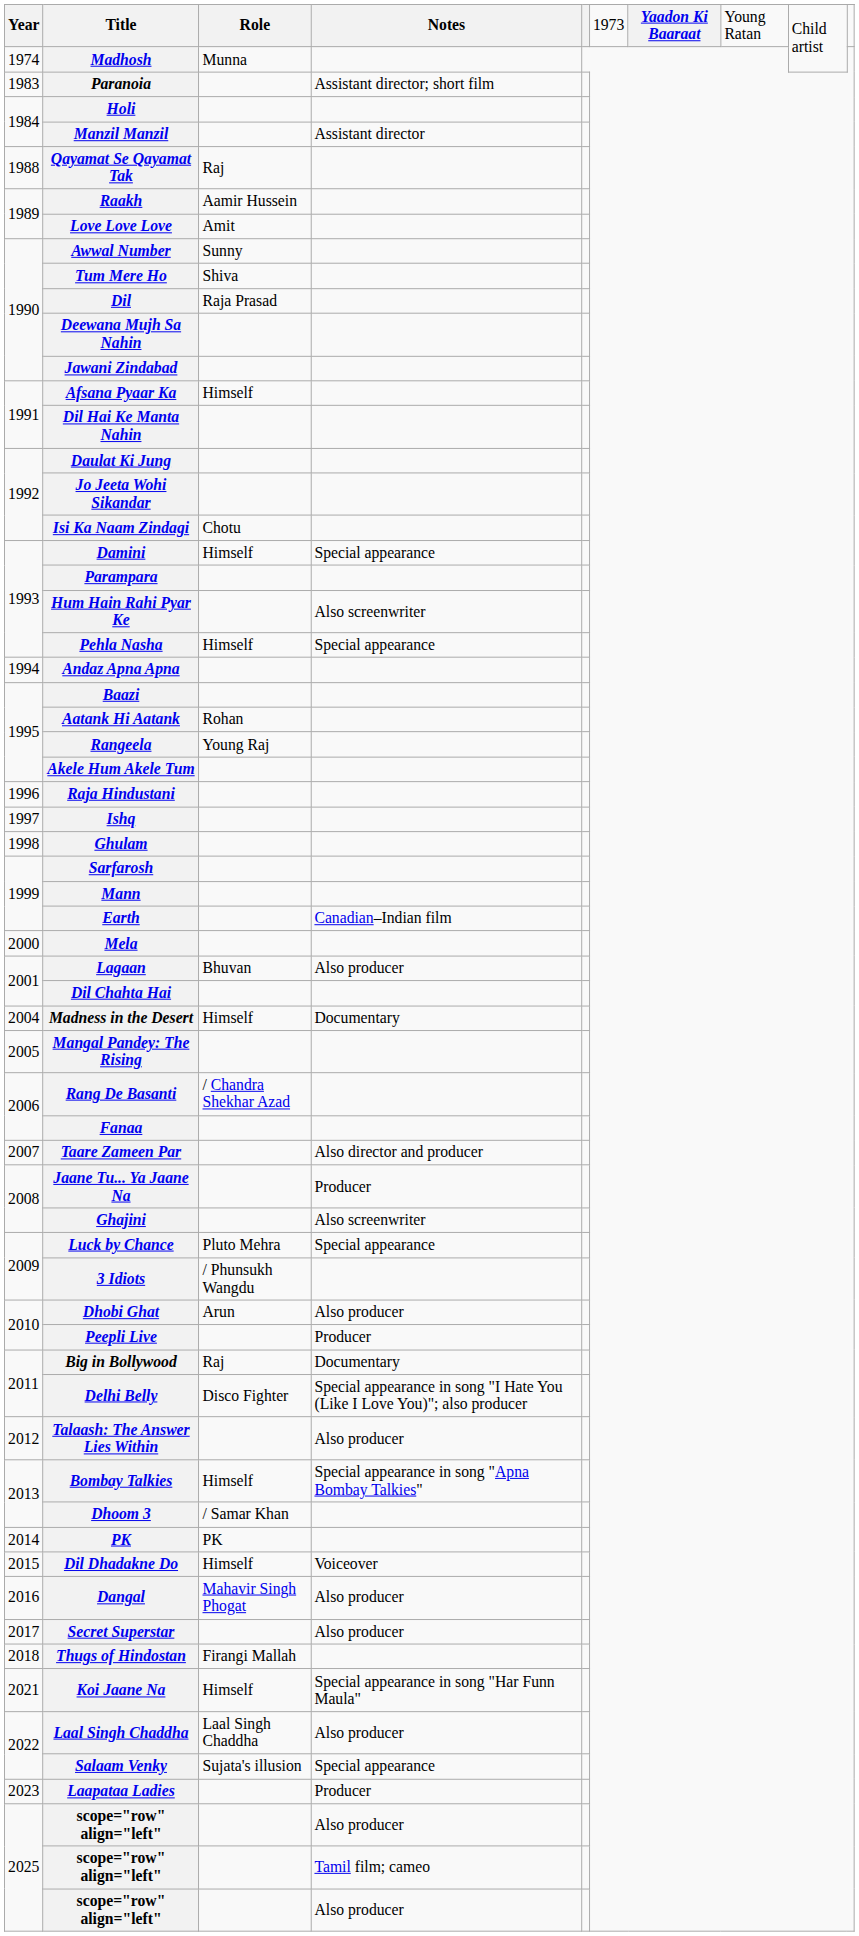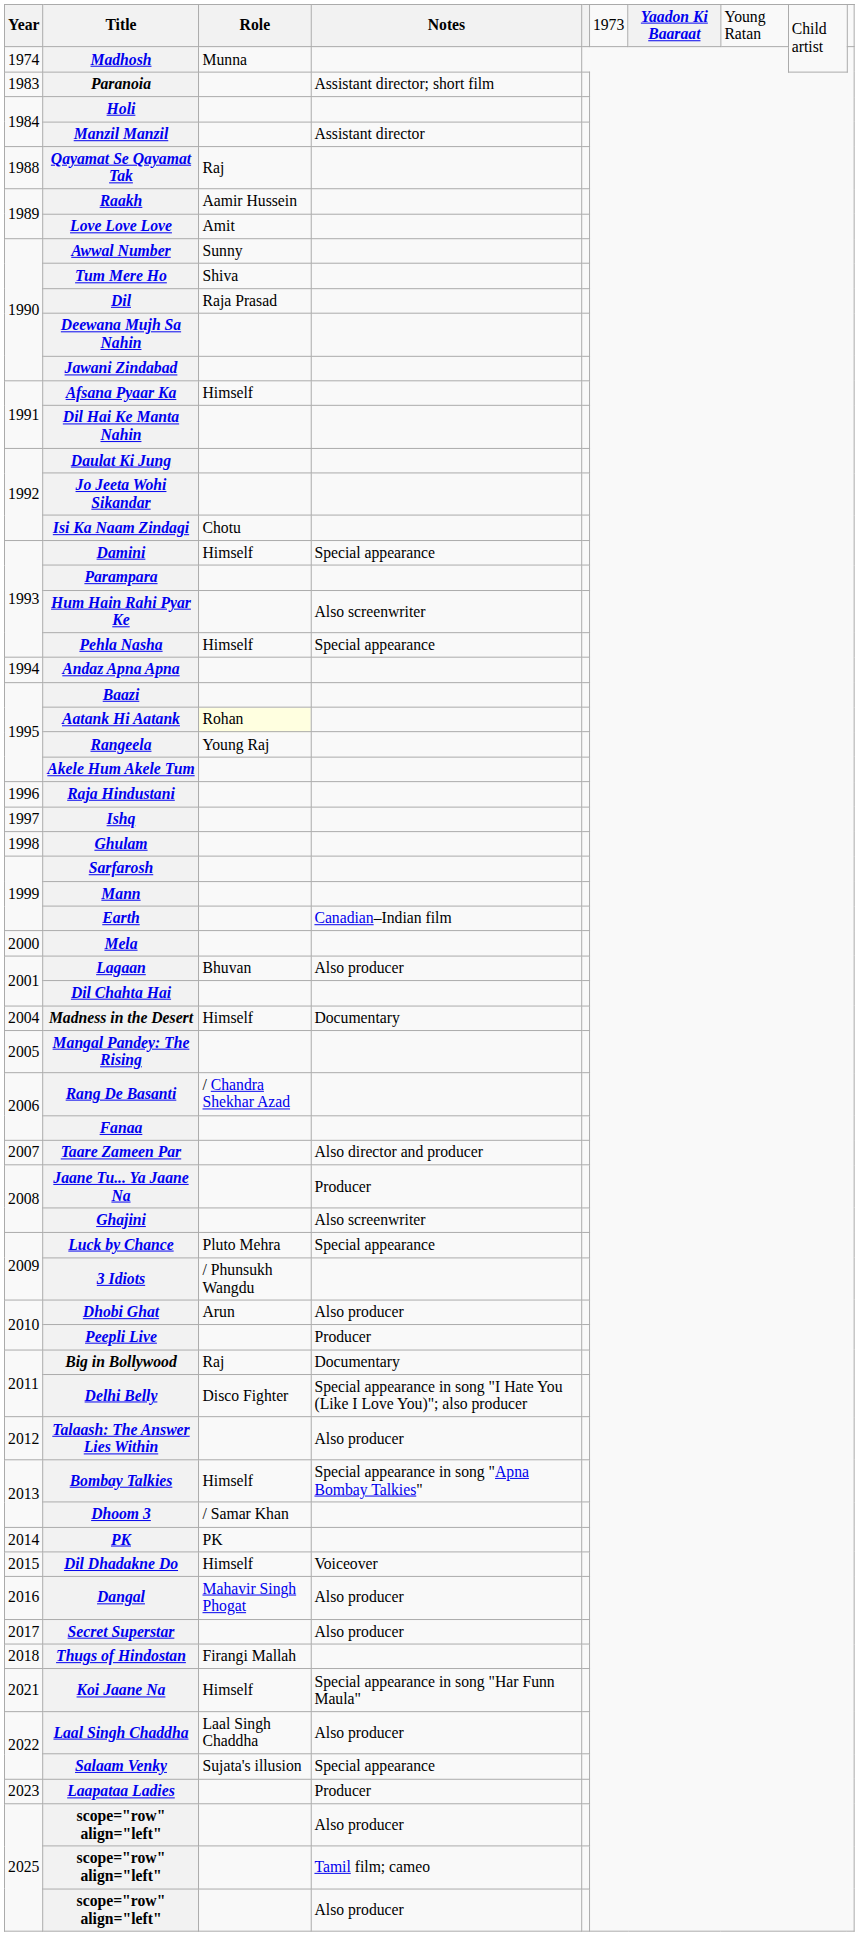 <table class="wikitable sortable plainrowheaders">
 <tr>
 <th rowspan="2" scope="col">Year</th>
 <th rowspan="2" scope="col">Title</th>
 <th rowspan="2" scope="col">Role</th>
 <th rowspan="2" scope="col" class="unsortable">Notes</th>
 <th rowspan="2" scope="col" class="unsortable"></th>
 </tr>
 <tr>
 <td>1973</td>
 <th scope="row" align="left"><em><a href='#'>Yaadon Ki Baaraat</a></em></th>
 <td>Young Ratan</td>
 <td rowspan="2">Child artist</td>
 <td></td>
 </tr>
 <tr>
 <td>1974</td>
 <th scope="row" align="left"><em><a href='#'>Madhosh</a></em></th>
 <td>Munna</td>
 <td style="text-align: center;"></td>
 </tr>
 <tr>
 <td>1983</td>
 <th scope="row" align="left"><em>Paranoia</em></th>
 <td></td>
 <td>Assistant director; short film</td>
 <td style="text-align: center;"></td>
 </tr>
 <tr>
 <td rowspan="2">1984</td>
 <th scope="row" align="left"><em><a href='#'>Holi</a></em></th>
 <td></td>
 <td></td>
 <td style="text-align: center;"></td>
 </tr>
 <tr>
 <th scope="row" align="left"><em><a href='#'>Manzil Manzil</a></em></th>
 <td></td>
 <td>Assistant director</td>
 <td style="text-align: center;"></td>
 </tr>
 <tr>
 <td>1988</td>
 <th scope="row" align="left"><em><a href='#'>Qayamat Se Qayamat Tak</a></em></th>
 <td>Raj</td>
 <td></td>
 <td style="text-align: center;"></td>
 </tr>
 <tr>
 <td rowspan="2">1989</td>
 <th scope="row" align="left"><em><a href='#'>Raakh</a></em></th>
 <td>Aamir Hussein</td>
 <td></td>
 <td style="text-align: center;"></td>
 </tr>
 <tr>
 <th scope="row" align="left"><em><a href='#'>Love Love Love</a></em></th>
 <td>Amit</td>
 <td></td>
 <td style="text-align: center;"></td>
 </tr>
 <tr>
 <td rowspan="5">1990</td>
 <th scope="row" align="left"><em><a href='#'>Awwal Number</a></em></th>
 <td>Sunny</td>
 <td></td>
 <td style="text-align: center;"></td>
 </tr>
 <tr>
 <th scope="row" align="left"><em><a href='#'>Tum Mere Ho</a></em></th>
 <td>Shiva</td>
 <td></td>
 <td style="text-align: center;"></td>
 </tr>
 <tr>
 <th scope="row" align="left"><em><a href='#'>Dil</a></em></th>
 <td>Raja Prasad</td>
 <td></td>
 <td style="text-align: center;"></td>
 </tr>
 <tr>
 <th scope="row" align="left"><em><a href='#'>Deewana Mujh Sa Nahin</a></em></th>
 <td></td>
 <td></td>
 <td style="text-align: center;"></td>
 </tr>
 <tr>
 <th scope="row" align="left"><em><a href='#'>Jawani Zindabad</a></em></th>
 <td></td>
 <td></td>
 <td style="text-align: center;"></td>
 </tr>
 <tr>
 <td rowspan="2">1991</td>
 <th scope="row" align="left"><em><a href='#'>Afsana Pyaar Ka</a></em></th>
 <td>Himself</td>
 <td></td>
 <td style="text-align: center;"></td>
 </tr>
 <tr>
 <th scope="row" align="left"><em><a href='#'>Dil Hai Ke Manta Nahin</a></em></th>
 <td></td>
 <td></td>
 <td style="text-align: center;"></td>
 </tr>
 <tr>
 <td rowspan="3">1992</td>
 <th scope="row" align="left"><em><a href='#'>Daulat Ki Jung</a></em></th>
 <td></td>
 <td></td>
 <td style="text-align: center;"></td>
 </tr>
 <tr>
 <th scope="row" align="left"><em><a href='#'>Jo Jeeta Wohi Sikandar</a></em></th>
 <td></td>
 <td></td>
 <td style="text-align: center;"></td>
 </tr>
 <tr>
 <th scope="row" align="left"><em><a href='#'>Isi Ka Naam Zindagi</a></em></th>
 <td>Chotu</td>
 <td></td>
 <td style="text-align: center;"></td>
 </tr>
 <tr>
 <td rowspan="4">1993</td>
 <th scope="row" align="left"><em><a href='#'>Damini</a></em></th>
 <td>Himself</td>
 <td>Special appearance</td>
 <td style="text-align: center;"></td>
 </tr>
 <tr>
 <th scope="row" align="left"><em><a href='#'>Parampara</a></em></th>
 <td></td>
 <td></td>
 <td style="text-align: center;"></td>
 </tr>
 <tr>
 <th scope="row" align="left"><em><a href='#'>Hum Hain Rahi Pyar Ke</a></em></th>
 <td></td>
 <td>Also screenwriter</td>
 <td style="text-align: center;"></td>
 </tr>
 <tr>
 <th scope="row" align="left"><em><a href='#'>Pehla Nasha</a></em></th>
 <td>Himself</td>
 <td>Special appearance</td>
 <td style="text-align: center;"></td>
 </tr>
 <tr>
 <td>1994</td>
 <th scope="row" align="left"><em><a href='#'>Andaz Apna Apna</a></em></th>
 <td></td>
 <td></td>
 <td style="text-align: center;"></td>
 </tr>
 <tr>
 <td rowspan="4">1995</td>
 <th scope="row" align="left"><em><a href='#'>Baazi</a></em></th>
 <td></td>
 <td></td>
 <td style="text-align: center;"></td>
 </tr>
 <tr>
 <th scope="row" align="left"><em><a href='#'>Aatank Hi Aatank</a></em></th>
-<td>Rohan</td>
+<td style="background: lightyellow;">Rohan</td>
 <td></td>
 <td style="text-align: center;"></td>
 </tr>
 <tr>
 <th scope="row" align="left"><em><a href='#'>Rangeela</a></em></th>
 <td>Young Raj</td>
 <td></td>
 <td style="text-align: center;"></td>
 </tr>
 <tr>
 <th scope="row" align="left"><em><a href='#'>Akele Hum Akele Tum</a></em></th>
 <td></td>
 <td></td>
 <td style="text-align: center;"></td>
 </tr>
 <tr>
 <td>1996</td>
 <th scope="row" align="left"><em><a href='#'>Raja Hindustani</a></em></th>
 <td></td>
 <td></td>
 <td style="text-align: center;"></td>
 </tr>
 <tr>
 <td>1997</td>
 <th scope="row" align="left"><em><a href='#'>Ishq</a></em></th>
 <td></td>
 <td></td>
 <td style="text-align: center;"></td>
 </tr>
 <tr>
 <td>1998</td>
 <th scope="row" align="left"><em><a href='#'>Ghulam</a></em></th>
 <td></td>
 <td></td>
 <td style="text-align: center;"></td>
 </tr>
 <tr>
 <td rowspan="3">1999</td>
 <th scope="row" align="left"><em><a href='#'>Sarfarosh</a></em></th>
 <td></td>
 <td></td>
 <td style="text-align: center;"></td>
 </tr>
 <tr>
 <th scope="row" align="left"><em><a href='#'>Mann</a></em></th>
 <td></td>
 <td></td>
 <td style="text-align: center;"></td>
 </tr>
 <tr>
 <th scope="row" align="left"><em><a href='#'>Earth</a></em></th>
 <td></td>
 <td><a href='#'>Canadian</a>–Indian film</td>
 <td style="text-align: center;"></td>
 </tr>
 <tr>
 <td>2000</td>
 <th scope="row" align="left"><em><a href='#'>Mela</a></em></th>
 <td></td>
 <td></td>
 <td style="text-align: center;"></td>
 </tr>
 <tr>
 <td rowspan="2">2001</td>
 <th scope="row" align="left"><em><a href='#'>Lagaan</a></em></th>
 <td>Bhuvan</td>
 <td>Also producer</td>
 <td style="text-align: center;"></td>
 </tr>
 <tr>
 <th scope="row" align="left"><em><a href='#'>Dil Chahta Hai</a></em></th>
 <td></td>
 <td></td>
 <td style="text-align: center;"></td>
 </tr>
 <tr>
 <td>2004</td>
 <th scope="row" align="left"><em>Madness in the Desert</em></th>
 <td>Himself</td>
 <td>Documentary</td>
 <td style="text-align: center;"></td>
 </tr>
 <tr>
 <td>2005</td>
 <th scope="row" align="left"><em><a href='#'>Mangal Pandey: The Rising</a></em></th>
 <td></td>
 <td></td>
 <td style="text-align: center;"></td>
 </tr>
 <tr>
 <td rowspan="2">2006</td>
 <th scope="row" align="left"><em><a href='#'>Rang De Basanti</a></em></th>
 <td> / <a href='#'>Chandra Shekhar Azad</a></td>
 <td></td>
 <td style="text-align: center;"></td>
 </tr>
 <tr>
 <th scope="row" align="left"><em><a href='#'>Fanaa</a></em></th>
 <td></td>
 <td></td>
 <td style="text-align: center;"></td>
 </tr>
 <tr>
 <td>2007</td>
 <th scope="row" align="left"><em><a href='#'>Taare Zameen Par</a></em></th>
 <td></td>
 <td>Also director and producer</td>
 <td style="text-align: center;"></td>
 </tr>
 <tr>
 <td rowspan="2">2008</td>
 <th scope="row" align="left"><em><a href='#'>Jaane Tu... Ya Jaane Na</a></em></th>
 <td></td>
 <td>Producer</td>
 <td style="text-align: center;"></td>
 </tr>
 <tr>
 <th scope="row" align="left"><em><a href='#'>Ghajini</a></em></th>
 <td></td>
 <td>Also screenwriter</td>
 <td style="text-align: center;"></td>
 </tr>
 <tr>
 <td rowspan="2">2009</td>
 <th scope="row" align="left"><em><a href='#'>Luck by Chance</a></em></th>
 <td>Pluto Mehra</td>
 <td>Special appearance</td>
 <td style="text-align: center;"></td>
 </tr>
 <tr>
 <th scope="row" align="left"><em><a href='#'>3 Idiots</a></em></th>
 <td> / Phunsukh Wangdu</td>
 <td></td>
 <td style="text-align: center;"></td>
 </tr>
 <tr>
 <td rowspan="2">2010</td>
 <th scope="row" align="left"><em><a href='#'>Dhobi Ghat</a></em></th>
 <td>Arun</td>
 <td>Also producer</td>
 <td style="text-align: center;"></td>
 </tr>
 <tr>
 <th scope="row" align="left"><em><a href='#'>Peepli Live</a></em></th>
 <td></td>
 <td>Producer</td>
 <td style="text-align: center;"></td>
 </tr>
 <tr>
 <td rowspan="2">2011</td>
 <th scope="row" align="left"><em>Big in Bollywood</em></th>
 <td>Raj</td>
 <td>Documentary</td>
 <td style="text-align: center;"></td>
 </tr>
 <tr>
 <th scope="row" align="left"><em><a href='#'>Delhi Belly</a></em></th>
 <td>Disco Fighter</td>
 <td>Special appearance in song "I Hate You (Like I Love You)"; also producer</td>
 <td style="text-align: center;"></td>
 </tr>
 <tr>
 <td>2012</td>
 <th scope="row" align="left"><em><a href='#'>Talaash: The Answer Lies Within</a></em></th>
 <td></td>
 <td>Also producer</td>
 <td style="text-align: center;"></td>
 </tr>
 <tr>
 <td rowspan="2">2013</td>
 <th scope="row" align="left"><em><a href='#'>Bombay Talkies</a></em></th>
 <td>Himself</td>
 <td>Special appearance in song "<a href='#'>Apna Bombay Talkies</a>"</td>
 <td style="text-align: center;"></td>
 </tr>
 <tr>
 <th scope="row" align="left"><em><a href='#'>Dhoom 3</a></em></th>
 <td> / Samar Khan</td>
 <td></td>
 <td style="text-align: center;"></td>
 </tr>
 <tr>
 <td>2014</td>
 <th scope="row" align="left"><em><a href='#'>PK</a></em></th>
 <td>PK</td>
 <td></td>
 <td style="text-align: center;"></td>
 </tr>
 <tr>
 <td>2015</td>
 <th scope="row" align="left"><em><a href='#'>Dil Dhadakne Do</a></em></th>
 <td>Himself</td>
 <td>Voiceover</td>
 <td style="text-align: center;"></td>
 </tr>
 <tr>
 <td>2016</td>
 <th scope="row" align="left"><em><a href='#'>Dangal</a></em></th>
 <td><a href='#'>Mahavir Singh Phogat</a></td>
 <td>Also producer</td>
 <td style="text-align: center;"></td>
 </tr>
 <tr>
 <td>2017</td>
 <th scope="row" align="left"><em><a href='#'>Secret Superstar</a></em></th>
 <td></td>
 <td>Also producer</td>
 <td style="text-align: center;"></td>
 </tr>
 <tr>
 <td>2018</td>
 <th scope="row" align="left"><em><a href='#'>Thugs of Hindostan</a></em></th>
 <td>Firangi Mallah</td>
 <td></td>
 <td style="text-align: center;"></td>
 </tr>
 <tr>
 <td>2021</td>
 <th scope="row" align="left"><em><a href='#'>Koi Jaane Na</a></em></th>
 <td>Himself</td>
 <td>Special appearance in song "Har Funn Maula"</td>
 <td style="text-align: center;"></td>
 </tr>
 <tr>
 <td rowspan="2">2022</td>
 <th scope="row" align="left"><em><a href='#'>Laal Singh Chaddha</a></em></th>
 <td>Laal Singh Chaddha</td>
 <td>Also producer</td>
 <td style="text-align: center;"></td>
 </tr>
 <tr>
 <th scope="row" align="left"><em><a href='#'>Salaam Venky</a></em></th>
 <td>Sujata's illusion</td>
 <td>Special appearance</td>
 <td style="text-align: center;"></td>
 </tr>
 <tr>
 <td>2023</td>
 <th scope="row" align="left"><em><a href='#'>Laapataa Ladies</a></em></th>
 <td></td>
 <td>Producer</td>
 <td style="text-align: center;"></td>
 </tr>
 <tr>
 <td rowspan="3">2025</td>
 <th>scope="row" align="left" </th>
 <td></td>
 <td>Also producer</td>
 <td style="text-align: center;"></td>
 </tr>
 <tr>
 <th>scope="row" align="left" </th>
 <td></td>
 <td><a href='#'>Tamil</a> film; cameo</td>
 <td style="text-align: center;"></td>
 </tr>
 <tr>
 <th>scope="row" align="left" </th>
 <td></td>
 <td>Also producer</td>
 <td style="text-align: center;"></td>
 </tr>
 </table>
